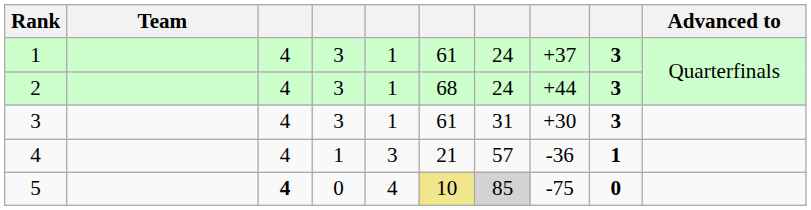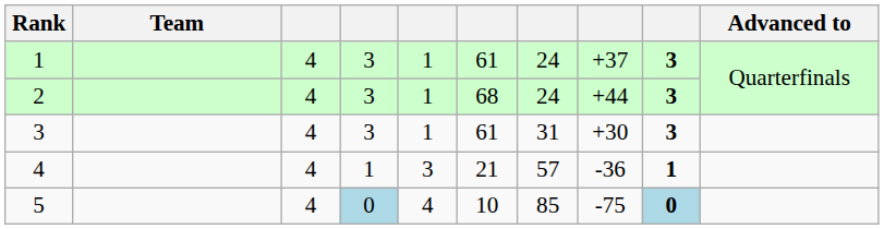 <table class="wikitable" style="text-align:center;">
 <tr>
 <th width=40>Rank</th>
 <th width=165>Team</th>
 <th width=40></th>
 <th width=40></th>
 <th width=40></th>
 <th width=40></th>
 <th width=40></th>
 <th width=40></th>
 <th width=40></th>
 <th width=125>Advanced to</th>
 </tr>
 <tr style="background:#cfc">
 <td>1</td>
 <td style="text-align:left;"></td>
 <td>4</td>
 <td>3</td>
 <td>1</td>
 <td>61</td>
 <td>24</td>
 <td>+37</td>
 <td><strong>3</strong></td>
 <td rowspan="2">Quarterfinals</td>
 </tr>
 <tr style="background:#cfc">
 <td>2</td>
 <td style="text-align:left;"></td>
 <td>4</td>
 <td>3</td>
 <td>1</td>
 <td>68</td>
 <td>24</td>
 <td>+44</td>
 <td><strong>3</strong></td>
 </tr>
 <tr>
 <td>3</td>
 <td style="text-align:left;"></td>
 <td>4</td>
 <td>3</td>
 <td>1</td>
 <td>61</td>
 <td>31</td>
 <td>+30</td>
 <td><strong>3</strong></td>
 <td></td>
 </tr>
 <tr>
 <td>4</td>
 <td style="text-align:left;"></td>
 <td>4</td>
 <td>1</td>
 <td>3</td>
 <td>21</td>
 <td>57</td>
 <td>-36</td>
 <td><strong>1</strong></td>
 <td></td>
 </tr>
 <tr>
 <td>5</td>
 <td style="text-align:left;"></td>
-<td><strong>4</strong></td>
-<td>0</td>
 <td>4</td>
-<td style="background: khaki;">10</td>
-<td style="background: lightgrey;">85</td>
+<td style="background: lightblue;">0</td>
+<td>4</td>
+<td>10</td>
+<td>85</td>
 <td>-75</td>
-<td><strong>0</strong></td>
+<td style="background: lightblue;"><strong>0</strong></td>
 <td></td>
 </tr>
 </table>
